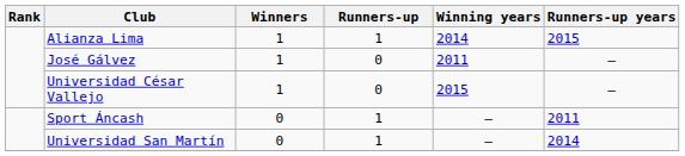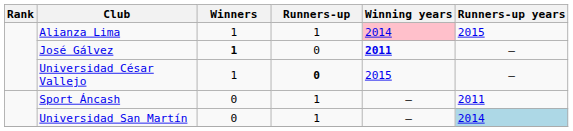 <table class="wikitable sortable">
 <tr>
 <th>Rank</th>
 <th scope=col class="unsortable" width=180>Club</th>
 <th scope=col width=80>Winners</th>
 <th scope=col width=100>Runners-up</th>
 <th scope=col class="unsortable">Winning years</th>
 <th scope=col class="unsortable">Runners-up years</th>
 </tr>
 <tr>
 <td rowspan="3"></td>
 <td><a href='#'>Alianza Lima</a></td>
 <td align=center>1</td>
 <td align=center>1</td>
-<td><a href='#'>2014</a></td>
+<td style="background: pink;"><a href='#'>2014</a></td>
 <td><a href='#'>2015</a></td>
 </tr>
 <tr>
 <td><a href='#'>José Gálvez</a></td>
-<td align=center>1</td>
+<td align=center><strong>1</strong></td>
 <td align=center>0</td>
-<td><a href='#'>2011</a></td>
+<td><strong><a href='#'>2011</a></strong></td>
 <td align=center>—</td>
 </tr>
 <tr>
 <td><a href='#'>Universidad César Vallejo</a></td>
 <td align=center>1</td>
-<td align=center>0</td>
+<td align=center><strong>0</strong></td>
 <td><a href='#'>2015</a></td>
 <td align=center>—</td>
 </tr>
 <tr>
 <td rowspan="2"></td>
 <td><a href='#'>Sport Áncash</a></td>
 <td align=center>0</td>
 <td align=center>1</td>
 <td align=center>—</td>
 <td><a href='#'>2011</a></td>
 </tr>
 <tr>
 <td><a href='#'>Universidad San Martín</a></td>
 <td align=center>0</td>
 <td align=center>1</td>
 <td align=center>—</td>
-<td><a href='#'>2014</a></td>
+<td style="background: lightblue;"><a href='#'>2014</a></td>
 </tr>
 <tr>
 </tr>
 </table>
